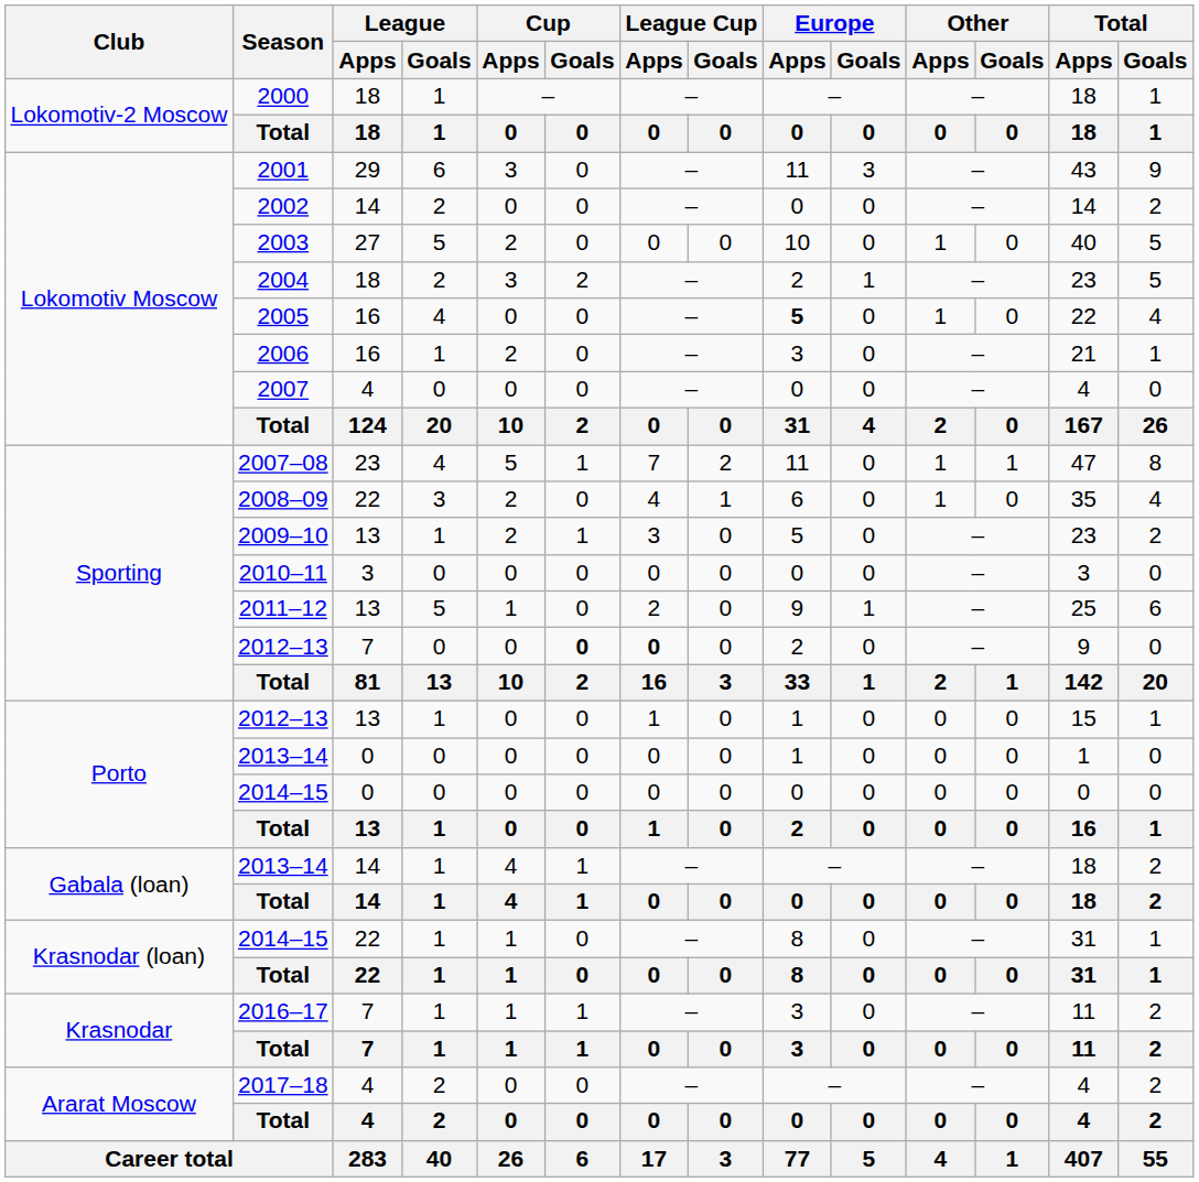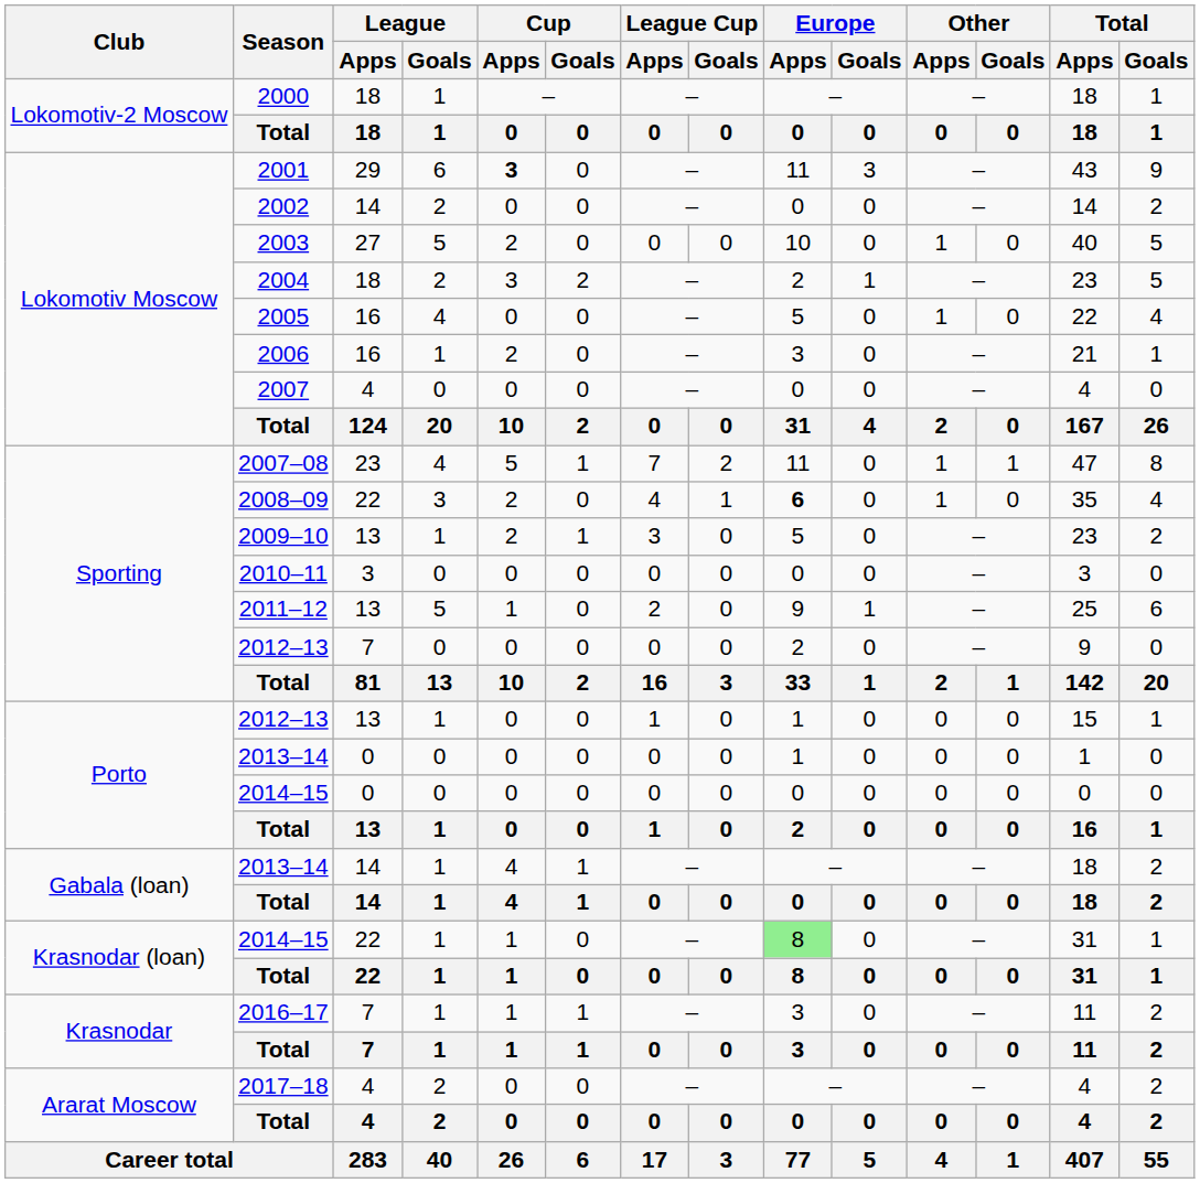 <table class="wikitable" style="text-align: center">
 <tr>
 <th rowspan="2">Club</th>
 <th rowspan="2">Season</th>
 <th colspan="2">League</th>
 <th colspan="2">Cup</th>
 <th colspan="2">League Cup</th>
 <th colspan="2"><a href='#'>Europe</a></th>
 <th colspan="2">Other</th>
 <th colspan="2">Total</th>
 </tr>
 <tr>
 <th>Apps</th>
 <th>Goals</th>
 <th>Apps</th>
 <th>Goals</th>
 <th>Apps</th>
 <th>Goals</th>
 <th>Apps</th>
 <th>Goals</th>
 <th>Apps</th>
 <th>Goals</th>
 <th>Apps</th>
 <th>Goals</th>
 </tr>
 <tr>
 <td rowspan="2"><a href='#'>Lokomotiv-2 Moscow</a></td>
 <td><a href='#'>2000</a></td>
 <td>18</td>
 <td>1</td>
 <td colspan="2">–</td>
 <td colspan="2">–</td>
 <td colspan="2">–</td>
 <td colspan="2">–</td>
 <td>18</td>
 <td>1</td>
 </tr>
 <tr>
 <th>Total</th>
 <th>18</th>
 <th>1</th>
 <th>0</th>
 <th>0</th>
 <th>0</th>
 <th>0</th>
 <th>0</th>
 <th>0</th>
 <th>0</th>
 <th>0</th>
 <th>18</th>
 <th>1</th>
 </tr>
 <tr>
 <td rowspan="8"><a href='#'>Lokomotiv Moscow</a></td>
 <td><a href='#'>2001</a></td>
 <td>29</td>
 <td>6</td>
-<td>3</td>
+<td><strong>3</strong></td>
 <td>0</td>
 <td colspan="2">–</td>
 <td>11</td>
 <td>3</td>
 <td colspan="2">–</td>
 <td>43</td>
 <td>9</td>
 </tr>
 <tr>
 <td><a href='#'>2002</a></td>
 <td>14</td>
 <td>2</td>
 <td>0</td>
 <td>0</td>
 <td colspan="2">–</td>
 <td>0</td>
 <td>0</td>
 <td colspan="2">–</td>
 <td>14</td>
 <td>2</td>
 </tr>
 <tr>
 <td><a href='#'>2003</a></td>
 <td>27</td>
 <td>5</td>
 <td>2</td>
 <td>0</td>
 <td>0</td>
 <td>0</td>
 <td>10</td>
 <td>0</td>
 <td>1</td>
 <td>0</td>
 <td>40</td>
 <td>5</td>
 </tr>
 <tr>
 <td><a href='#'>2004</a></td>
 <td>18</td>
 <td>2</td>
 <td>3</td>
 <td>2</td>
 <td colspan="2">–</td>
 <td>2</td>
 <td>1</td>
 <td colspan="2">–</td>
 <td>23</td>
 <td>5</td>
 </tr>
 <tr>
 <td><a href='#'>2005</a></td>
 <td>16</td>
 <td>4</td>
 <td>0</td>
 <td>0</td>
 <td colspan="2">–</td>
-<td><strong>5</strong></td>
+<td>5</td>
 <td>0</td>
 <td>1</td>
 <td>0</td>
 <td>22</td>
 <td>4</td>
 </tr>
 <tr>
 <td><a href='#'>2006</a></td>
 <td>16</td>
 <td>1</td>
 <td>2</td>
 <td>0</td>
 <td colspan="2">–</td>
 <td>3</td>
 <td>0</td>
 <td colspan="2">–</td>
 <td>21</td>
 <td>1</td>
 </tr>
 <tr>
 <td><a href='#'>2007</a></td>
 <td>4</td>
 <td>0</td>
 <td>0</td>
 <td>0</td>
 <td colspan="2">–</td>
 <td>0</td>
 <td>0</td>
 <td colspan="2">–</td>
 <td>4</td>
 <td>0</td>
 </tr>
 <tr>
 <th>Total</th>
 <th>124</th>
 <th>20</th>
 <th>10</th>
 <th>2</th>
 <th>0</th>
 <th>0</th>
 <th>31</th>
 <th>4</th>
 <th>2</th>
 <th>0</th>
 <th>167</th>
 <th>26</th>
 </tr>
 <tr>
 <td rowspan="7"><a href='#'>Sporting</a></td>
 <td><a href='#'>2007–08</a></td>
 <td>23</td>
 <td>4</td>
 <td>5</td>
 <td>1</td>
 <td>7</td>
 <td>2</td>
 <td>11</td>
 <td>0</td>
 <td>1</td>
 <td>1</td>
 <td>47</td>
 <td>8</td>
 </tr>
 <tr>
 <td><a href='#'>2008–09</a></td>
 <td>22</td>
 <td>3</td>
 <td>2</td>
 <td>0</td>
 <td>4</td>
 <td>1</td>
-<td>6</td>
+<td><strong>6</strong></td>
 <td>0</td>
 <td>1</td>
 <td>0</td>
 <td>35</td>
 <td>4</td>
 </tr>
 <tr>
 <td><a href='#'>2009–10</a></td>
 <td>13</td>
 <td>1</td>
 <td>2</td>
 <td>1</td>
 <td>3</td>
 <td>0</td>
 <td>5</td>
 <td>0</td>
 <td colspan="2">–</td>
 <td>23</td>
 <td>2</td>
 </tr>
 <tr>
 <td><a href='#'>2010–11</a></td>
 <td>3</td>
 <td>0</td>
 <td>0</td>
 <td>0</td>
 <td>0</td>
 <td>0</td>
 <td>0</td>
 <td>0</td>
 <td colspan="2">–</td>
 <td>3</td>
 <td>0</td>
 </tr>
 <tr>
 <td><a href='#'>2011–12</a></td>
 <td>13</td>
 <td>5</td>
 <td>1</td>
 <td>0</td>
 <td>2</td>
 <td>0</td>
 <td>9</td>
 <td>1</td>
 <td colspan="2">–</td>
 <td>25</td>
 <td>6</td>
 </tr>
 <tr>
 <td><a href='#'>2012–13</a></td>
 <td>7</td>
 <td>0</td>
 <td>0</td>
-<td><strong>0</strong></td>
-<td><strong>0</strong></td>
+<td>0</td>
+<td>0</td>
 <td>0</td>
 <td>2</td>
 <td>0</td>
 <td colspan="2">–</td>
 <td>9</td>
 <td>0</td>
 </tr>
 <tr>
 <th>Total</th>
 <th>81</th>
 <th>13</th>
 <th>10</th>
 <th>2</th>
 <th>16</th>
 <th>3</th>
 <th>33</th>
 <th>1</th>
 <th>2</th>
 <th>1</th>
 <th>142</th>
 <th>20</th>
 </tr>
 <tr>
 <td rowspan="4"><a href='#'>Porto</a></td>
 <td><a href='#'>2012–13</a></td>
 <td>13</td>
 <td>1</td>
 <td>0</td>
 <td>0</td>
 <td>1</td>
 <td>0</td>
 <td>1</td>
 <td>0</td>
 <td>0</td>
 <td>0</td>
 <td>15</td>
 <td>1</td>
 </tr>
 <tr>
 <td><a href='#'>2013–14</a></td>
 <td>0</td>
 <td>0</td>
 <td>0</td>
 <td>0</td>
 <td>0</td>
 <td>0</td>
 <td>1</td>
 <td>0</td>
 <td>0</td>
 <td>0</td>
 <td>1</td>
 <td>0</td>
 </tr>
 <tr>
 <td><a href='#'>2014–15</a></td>
 <td>0</td>
 <td>0</td>
 <td>0</td>
 <td>0</td>
 <td>0</td>
 <td>0</td>
 <td>0</td>
 <td>0</td>
 <td>0</td>
 <td>0</td>
 <td>0</td>
 <td>0</td>
 </tr>
 <tr>
 <th>Total</th>
 <th>13</th>
 <th>1</th>
 <th>0</th>
 <th>0</th>
 <th>1</th>
 <th>0</th>
 <th>2</th>
 <th>0</th>
 <th>0</th>
 <th>0</th>
 <th>16</th>
 <th>1</th>
 </tr>
 <tr>
 <td rowspan="2"><a href='#'>Gabala</a> (loan)</td>
 <td><a href='#'>2013–14</a></td>
 <td>14</td>
 <td>1</td>
 <td>4</td>
 <td>1</td>
 <td colspan="2">–</td>
 <td colspan="2">–</td>
 <td colspan="2">–</td>
 <td>18</td>
 <td>2</td>
 </tr>
 <tr>
 <th>Total</th>
 <th>14</th>
 <th>1</th>
 <th>4</th>
 <th>1</th>
 <th>0</th>
 <th>0</th>
 <th>0</th>
 <th>0</th>
 <th>0</th>
 <th>0</th>
 <th>18</th>
 <th>2</th>
 </tr>
 <tr>
 <td rowspan="2"><a href='#'>Krasnodar</a> (loan)</td>
 <td><a href='#'>2014–15</a></td>
 <td>22</td>
 <td>1</td>
 <td>1</td>
 <td>0</td>
 <td colspan="2">–</td>
-<td>8</td>
+<td style="background: lightgreen;">8</td>
 <td>0</td>
 <td colspan="2">–</td>
 <td>31</td>
 <td>1</td>
 </tr>
 <tr>
 <th>Total</th>
 <th>22</th>
 <th>1</th>
 <th>1</th>
 <th>0</th>
 <th>0</th>
 <th>0</th>
 <th>8</th>
 <th>0</th>
 <th>0</th>
 <th>0</th>
 <th>31</th>
 <th>1</th>
 </tr>
 <tr>
 <td rowspan="2"><a href='#'>Krasnodar</a></td>
 <td><a href='#'>2016–17</a></td>
 <td>7</td>
 <td>1</td>
 <td>1</td>
 <td>1</td>
 <td colspan="2">–</td>
 <td>3</td>
 <td>0</td>
 <td colspan="2">–</td>
 <td>11</td>
 <td>2</td>
 </tr>
 <tr>
 <th>Total</th>
 <th>7</th>
 <th>1</th>
 <th>1</th>
 <th>1</th>
 <th>0</th>
 <th>0</th>
 <th>3</th>
 <th>0</th>
 <th>0</th>
 <th>0</th>
 <th>11</th>
 <th>2</th>
 </tr>
 <tr>
 <td rowspan="2"><a href='#'>Ararat Moscow</a></td>
 <td><a href='#'>2017–18</a></td>
 <td>4</td>
 <td>2</td>
 <td>0</td>
 <td>0</td>
 <td colspan="2">–</td>
 <td colspan="2">–</td>
 <td colspan="2">–</td>
 <td>4</td>
 <td>2</td>
 </tr>
 <tr>
 <th>Total</th>
 <th>4</th>
 <th>2</th>
 <th>0</th>
 <th>0</th>
 <th>0</th>
 <th>0</th>
 <th>0</th>
 <th>0</th>
 <th>0</th>
 <th>0</th>
 <th>4</th>
 <th>2</th>
 </tr>
 <tr>
 <th colspan="2">Career total</th>
 <th>283</th>
 <th>40</th>
 <th>26</th>
 <th>6</th>
 <th>17</th>
 <th>3</th>
 <th>77</th>
 <th>5</th>
 <th>4</th>
 <th>1</th>
 <th>407</th>
 <th>55</th>
 </tr>
 </table>
